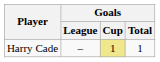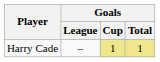 <table class="wikitable" style="text-align:center;">
 <tr>
 <th rowspan="2">Player</th>
 <th colspan="3">Goals</th>
 </tr>
 <tr>
 <th>League</th>
 <th>Cup</th>
 <th>Total</th>
 </tr>
 <tr>
 <td style="text-align:left;">Harry Cade</td>
 <td>–</td>
 <td style="background: khaki;">1</td>
-<td>1</td>
+<td style="background: khaki;">1</td>
 </tr>
 </table>
